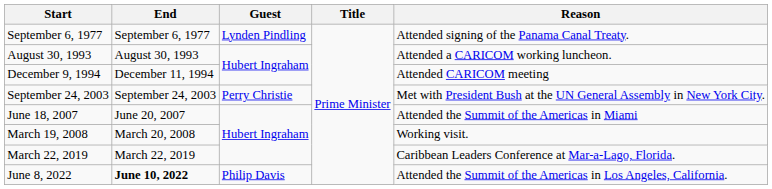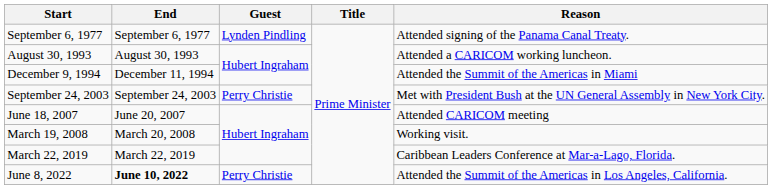 <table class="wikitable sortable">
 <tr>
 <th>Start</th>
 <th>End</th>
 <th>Guest</th>
 <th>Title</th>
 <th>Reason</th>
 </tr>
 <tr>
 <td>September 6, 1977</td>
 <td>September 6, 1977</td>
 <td><a href='#'>Lynden Pindling</a></td>
 <td rowspan=8><a href='#'>Prime Minister</a></td>
 <td>Attended signing of the <a href='#'>Panama Canal Treaty</a>.</td>
 </tr>
 <tr>
 <td>August 30, 1993</td>
 <td>August 30, 1993</td>
 <td rowspan=2><a href='#'>Hubert Ingraham</a></td>
 <td>Attended a <a href='#'>CARICOM</a> working luncheon.</td>
 </tr>
 <tr>
 <td>December 9, 1994</td>
 <td>December 11, 1994</td>
-<td>Attended <a href='#'>CARICOM</a> meeting</td>
+<td>Attended the <a href='#'>Summit of the Americas</a> in <a href='#'>Miami</a></td>
 </tr>
 <tr>
 <td>September 24, 2003</td>
 <td>September 24, 2003</td>
 <td><a href='#'>Perry Christie</a></td>
 <td>Met with <a href='#'>President Bush</a> at the <a href='#'>UN General Assembly</a> in <a href='#'>New York City</a>.</td>
 </tr>
 <tr>
 <td>June 18, 2007</td>
 <td>June 20, 2007</td>
 <td rowspan=3><a href='#'>Hubert Ingraham</a></td>
-<td>Attended the <a href='#'>Summit of the Americas</a> in <a href='#'>Miami</a></td>
+<td>Attended <a href='#'>CARICOM</a> meeting</td>
 </tr>
 <tr>
 <td>March 19, 2008</td>
 <td>March 20, 2008</td>
 <td>Working visit.</td>
 </tr>
 <tr>
 <td>March 22, 2019</td>
 <td>March 22, 2019</td>
 <td>Caribbean Leaders Conference at <a href='#'>Mar-a-Lago, Florida</a>.</td>
 </tr>
 <tr>
 <td>June 8, 2022</td>
 <td><strong>June 10, 2022</strong></td>
-<td><a href='#'>Philip Davis</a></td>
+<td><a href='#'>Perry Christie</a></td>
 <td>Attended the <a href='#'>Summit of the Americas</a> in <a href='#'>Los Angeles, California</a>.</td>
 </tr>
 </table>
